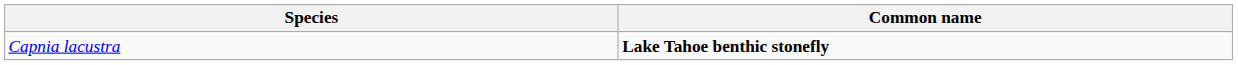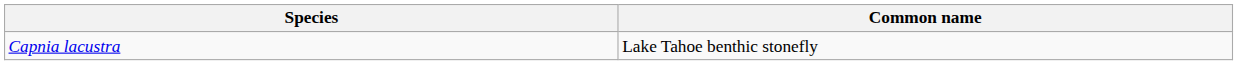 <table width=90% class="wikitable">
 <tr>
 <th width=25%>Species</th>
 <th width=25%>Common name</th>
 </tr>
 <tr>
 <td><em><a href='#'>Capnia lacustra</a></em></td>
-<td><strong>Lake Tahoe benthic stonefly</strong></td>
+<td>Lake Tahoe benthic stonefly</td>
 </tr>
 </table>
